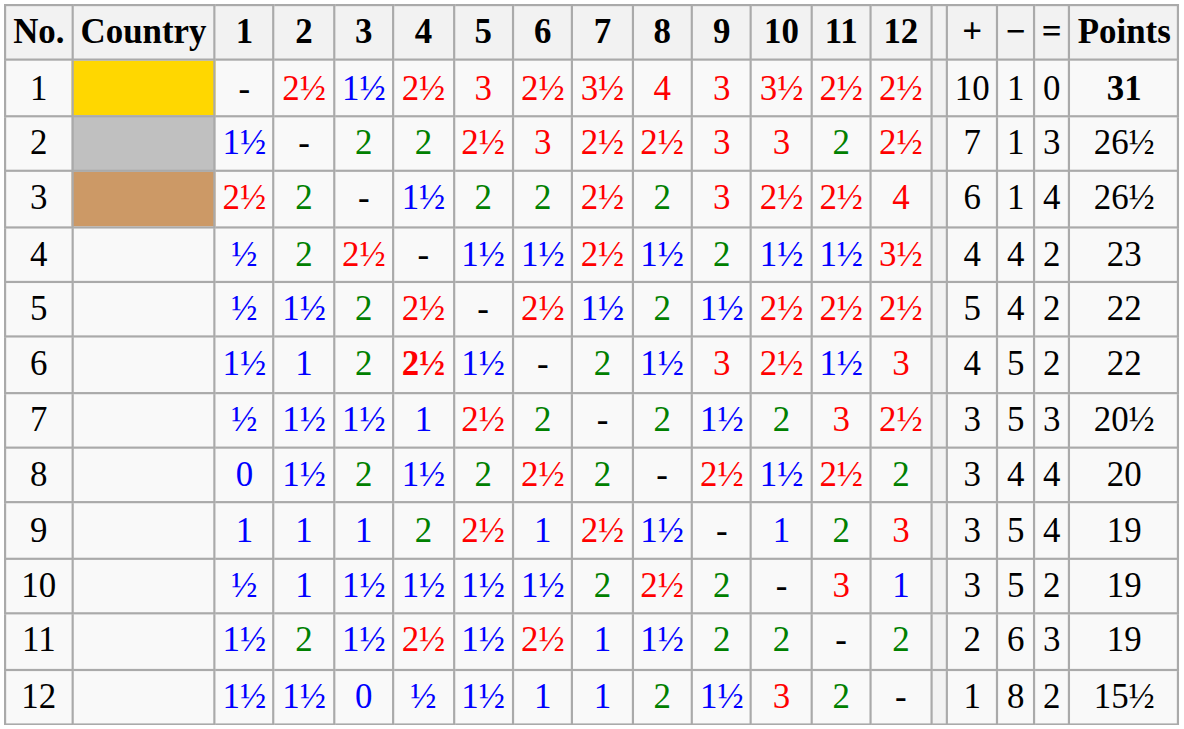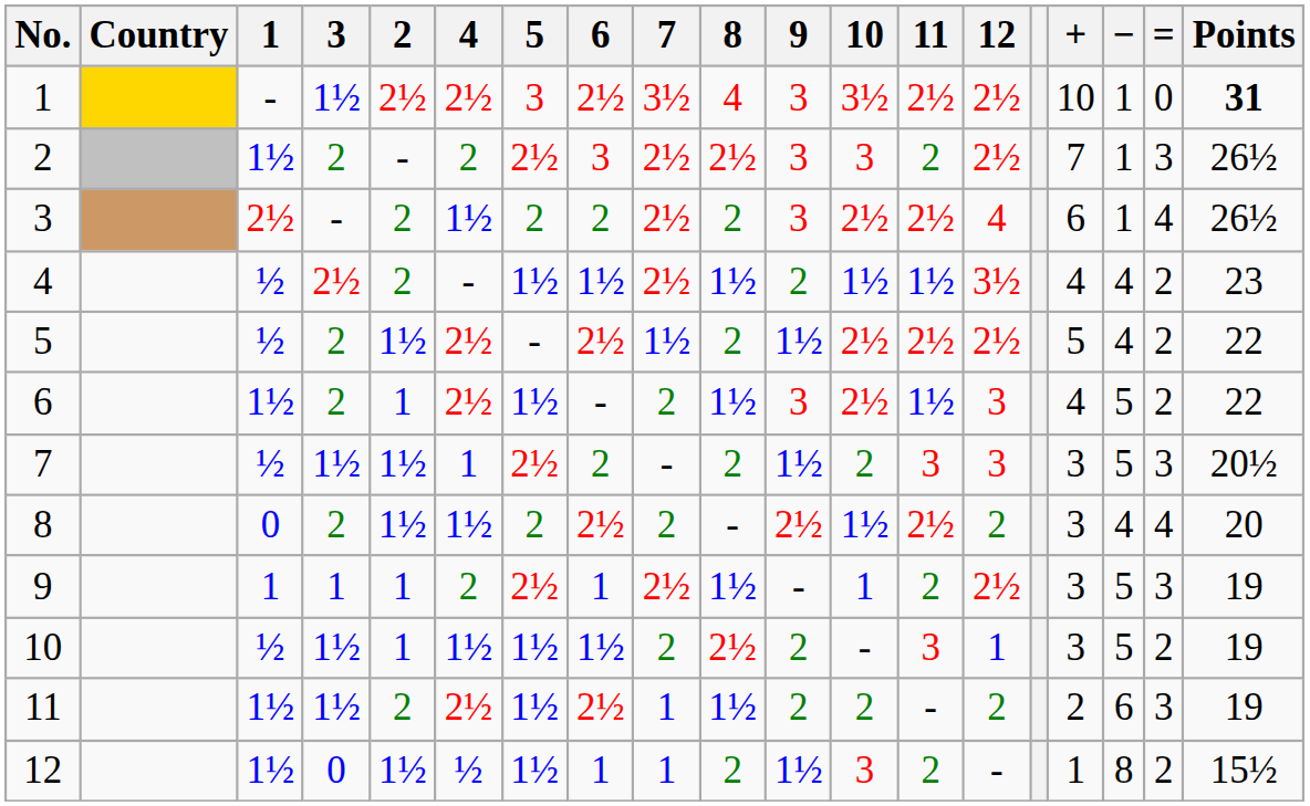 <table class="wikitable" style="text-align:center">
 <tr>
 <th>No.</th>
 <th>Country</th>
 <th>1</th>
+<th>3</th>
 <th>2</th>
-<th>3</th>
 <th>4</th>
 <th>5</th>
 <th>6</th>
 <th>7</th>
 <th>8</th>
 <th>9</th>
 <th>10</th>
 <th>11</th>
 <th>12</th>
 <th></th>
 <th>+</th>
 <th>−</th>
 <th>=</th>
 <th>Points</th>
 </tr>
 <tr>
 <td>1</td>
 <td align=left bgcolor="gold"></td>
 <td>-</td>
+<td style="color: blue;">1½</td>
 <td style="color: red;">2½</td>
-<td style="color: blue;">1½</td>
 <td style="color: red;">2½</td>
 <td style="color: red;">3</td>
 <td style="color: red;">2½</td>
 <td style="color: red;">3½</td>
 <td style="color: red;">4</td>
 <td style="color: red;">3</td>
 <td style="color: red;">3½</td>
 <td style="color: red;">2½</td>
 <td style="color: red;">2½</td>
 <th></th>
 <td>10</td>
 <td>1</td>
 <td>0</td>
 <td><strong>31</strong></td>
 </tr>
 <tr>
 <td>2</td>
 <td align=left bgcolor="silver"></td>
 <td style="color: blue;">1½</td>
+<td style="color: green">2</td>
 <td>-</td>
-<td style="color: green">2</td>
 <td style="color: green">2</td>
 <td style="color: red;">2½</td>
 <td style="color: red;">3</td>
 <td style="color: red;">2½</td>
 <td style="color: red;">2½</td>
 <td style="color: red;">3</td>
 <td style="color: red;">3</td>
 <td style="color: green">2</td>
 <td style="color: red;">2½</td>
 <th></th>
 <td>7</td>
 <td>1</td>
 <td>3</td>
 <td>26½</td>
 </tr>
 <tr>
 <td>3</td>
 <td align=left bgcolor="CC9966"></td>
 <td style="color: red;">2½</td>
+<td>-</td>
 <td style="color: green">2</td>
-<td>-</td>
 <td style="color: blue;">1½</td>
 <td style="color: green">2</td>
 <td style="color: green">2</td>
 <td style="color: red;">2½</td>
 <td style="color: green">2</td>
 <td style="color: red;">3</td>
 <td style="color: red;">2½</td>
 <td style="color: red;">2½</td>
 <td style="color: red;">4</td>
 <th></th>
 <td>6</td>
 <td>1</td>
 <td>4</td>
 <td>26½</td>
 </tr>
 <tr>
 <td>4</td>
 <td style="text-align: left"></td>
 <td style="color: blue;">½</td>
+<td style="color: red;">2½</td>
 <td style="color: green">2</td>
-<td style="color: red;">2½</td>
 <td>-</td>
 <td style="color: blue;">1½</td>
 <td style="color: blue;">1½</td>
 <td style="color: red;">2½</td>
 <td style="color: blue;">1½</td>
 <td style="color: green">2</td>
 <td style="color: blue;">1½</td>
 <td style="color: blue;">1½</td>
 <td style="color: red;">3½</td>
 <th></th>
 <td>4</td>
 <td>4</td>
 <td>2</td>
 <td>23</td>
 </tr>
 <tr>
 <td>5</td>
 <td style="text-align: left"></td>
 <td style="color: blue;">½</td>
+<td style="color: green">2</td>
 <td style="color: blue;">1½</td>
-<td style="color: green">2</td>
 <td style="color: red;">2½</td>
 <td>-</td>
 <td style="color: red;">2½</td>
 <td style="color: blue;">1½</td>
 <td style="color: green">2</td>
 <td style="color: blue;">1½</td>
 <td style="color: red;">2½</td>
 <td style="color: red;">2½</td>
 <td style="color: red;">2½</td>
 <th></th>
 <td>5</td>
 <td>4</td>
 <td>2</td>
 <td>22</td>
 </tr>
 <tr>
 <td>6</td>
 <td style="text-align: left"></td>
 <td style="color: blue;">1½</td>
+<td style="color: green">2</td>
 <td style="color: blue;">1</td>
-<td style="color: green">2</td>
-<td style="color: red;"><strong>2½</strong></td>
+<td style="color: red;">2½</td>
 <td style="color: blue;">1½</td>
 <td>-</td>
 <td style="color: green">2</td>
 <td style="color: blue;">1½</td>
 <td style="color: red;">3</td>
 <td style="color: red;">2½</td>
 <td style="color: blue;">1½</td>
 <td style="color: red;">3</td>
 <th></th>
 <td>4</td>
 <td>5</td>
 <td>2</td>
 <td>22</td>
 </tr>
 <tr>
 <td>7</td>
 <td style="text-align: left"></td>
 <td style="color: blue;">½</td>
 <td style="color: blue;">1½</td>
 <td style="color: blue;">1½</td>
 <td style="color: blue;">1</td>
 <td style="color: red;">2½</td>
 <td style="color: green">2</td>
 <td>-</td>
 <td style="color: green">2</td>
 <td style="color: blue;">1½</td>
 <td style="color: green">2</td>
 <td style="color: red;">3</td>
-<td style="color: red;">2½</td>
+<td style="color: red;">3</td>
 <th></th>
 <td>3</td>
 <td>5</td>
 <td>3</td>
 <td>20½</td>
 </tr>
 <tr>
 <td>8</td>
 <td style="text-align: left"></td>
 <td style="color: blue;">0</td>
+<td style="color: green">2</td>
 <td style="color: blue;">1½</td>
-<td style="color: green">2</td>
 <td style="color: blue;">1½</td>
 <td style="color: green">2</td>
 <td style="color: red;">2½</td>
 <td style="color: green">2</td>
 <td>-</td>
 <td style="color: red;">2½</td>
 <td style="color: blue;">1½</td>
 <td style="color: red;">2½</td>
 <td style="color: green">2</td>
 <th></th>
 <td>3</td>
 <td>4</td>
 <td>4</td>
 <td>20</td>
 </tr>
 <tr>
 <td>9</td>
 <td style="text-align: left"></td>
 <td style="color: blue;">1</td>
 <td style="color: blue;">1</td>
 <td style="color: blue;">1</td>
 <td style="color: green">2</td>
 <td style="color: red;">2½</td>
 <td style="color: blue;">1</td>
 <td style="color: red;">2½</td>
 <td style="color: blue;">1½</td>
 <td>-</td>
 <td style="color: blue;">1</td>
 <td style="color: green">2</td>
-<td style="color: red;">3</td>
+<td style="color: red;">2½</td>
 <th></th>
 <td>3</td>
 <td>5</td>
-<td>4</td>
+<td>3</td>
 <td>19</td>
 </tr>
 <tr>
 <td>10</td>
 <td style="text-align: left"></td>
 <td style="color: blue;">½</td>
+<td style="color: blue;">1½</td>
 <td style="color: blue;">1</td>
-<td style="color: blue;">1½</td>
 <td style="color: blue;">1½</td>
 <td style="color: blue;">1½</td>
 <td style="color: blue;">1½</td>
 <td style="color: green">2</td>
 <td style="color: red;">2½</td>
 <td style="color: green">2</td>
 <td>-</td>
 <td style="color: red;">3</td>
 <td style="color: blue;">1</td>
 <th></th>
 <td>3</td>
 <td>5</td>
 <td>2</td>
 <td>19</td>
 </tr>
 <tr>
 <td>11</td>
 <td style="text-align: left"></td>
 <td style="color: blue;">1½</td>
+<td style="color: blue;">1½</td>
 <td style="color: green">2</td>
-<td style="color: blue;">1½</td>
 <td style="color: red;">2½</td>
 <td style="color: blue;">1½</td>
 <td style="color: red;">2½</td>
 <td style="color: blue;">1</td>
 <td style="color: blue;">1½</td>
 <td style="color: green">2</td>
 <td style="color: green">2</td>
 <td>-</td>
 <td style="color: green">2</td>
 <th></th>
 <td>2</td>
 <td>6</td>
 <td>3</td>
 <td>19</td>
 </tr>
 <tr>
 <td>12</td>
 <td style="text-align: left"></td>
 <td style="color: blue;">1½</td>
+<td style="color: blue;">0</td>
 <td style="color: blue;">1½</td>
-<td style="color: blue;">0</td>
 <td style="color: blue;">½</td>
 <td style="color: blue;">1½</td>
 <td style="color: blue;">1</td>
 <td style="color: blue;">1</td>
 <td style="color: green">2</td>
 <td style="color: blue;">1½</td>
 <td style="color: red;">3</td>
 <td style="color: green">2</td>
 <td>-</td>
 <th></th>
 <td>1</td>
 <td>8</td>
 <td>2</td>
 <td>15½</td>
 </tr>
 </table>
